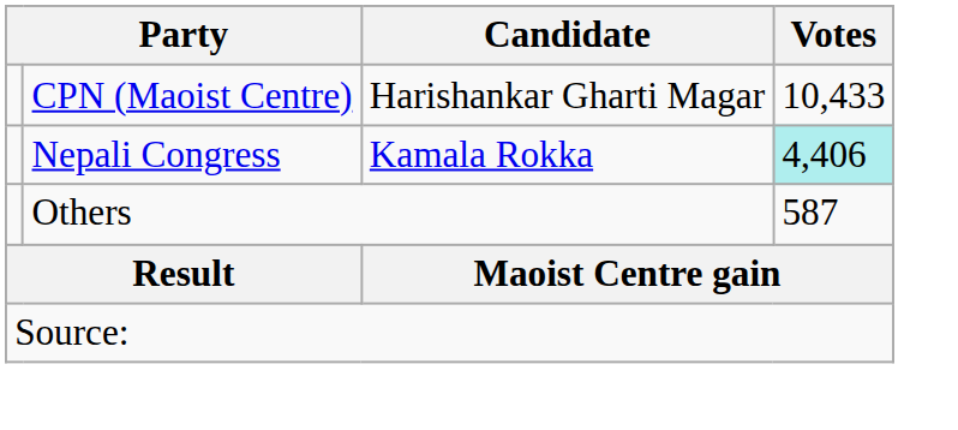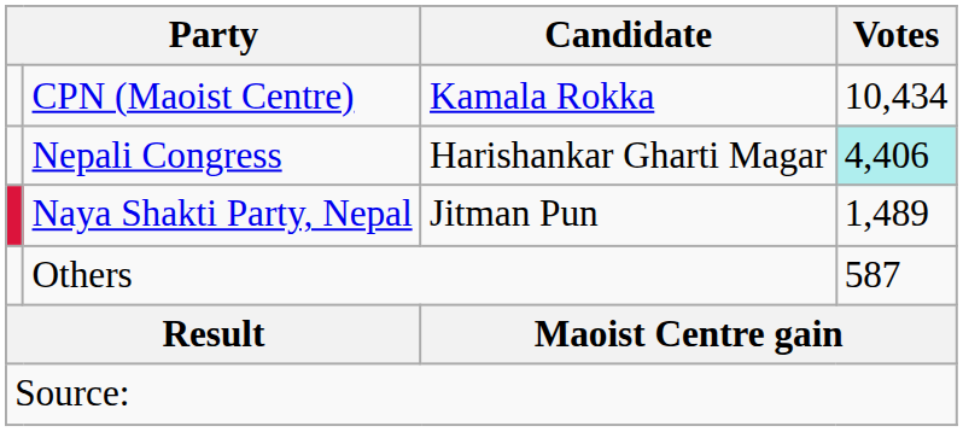 <table class="wikitable">
 <tr>
 <th colspan="2">Party</th>
 <th>Candidate</th>
 <th>Votes</th>
 </tr>
 <tr>
 <td style="background-color:"></td>
 <td><a href='#'>CPN (Maoist Centre)</a></td>
-<td>Harishankar Gharti Magar</td>
-<td>10,433</td>
+<td><a href='#'>Kamala Rokka</a></td>
+<td>10,434</td>
 </tr>
 <tr>
 <td style="background-color:"></td>
 <td><a href='#'>Nepali Congress</a></td>
-<td><a href='#'>Kamala Rokka</a></td>
+<td>Harishankar Gharti Magar</td>
 <td style="background: paleturquoise;">4,406</td>
+</tr>
+<tr>
+<td style="background-color:crimson"></td>
+<td><a href='#'>Naya Shakti Party, Nepal</a></td>
+<td>Jitman Pun</td>
+<td>1,489</td>
 </tr>
 <tr>
 <td></td>
 <td colspan="2">Others</td>
 <td>587</td>
 </tr>
 <tr>
 <th colspan="2">Result</th>
 <th colspan="2">Maoist Centre gain</th>
 </tr>
 <tr>
 <td colspan="4">Source: </td>
 </tr>
 </table>
